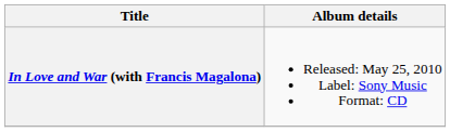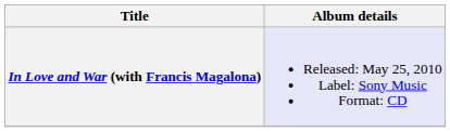 <table class="wikitable plainrowheaders" style="text-align:center;">
 <tr>
 <th scope=col>Title</th>
 <th scope=col>Album details</th>
 </tr>
 <tr>
 <th scope="row" style="text-align:left;"><em><a href='#'>In Love and War</a></em> (with <a href='#'>Francis Magalona</a>)</th>
-<td><br><ul><li>Released: May 25, 2010</li><li>Label: <a href='#'>Sony Music</a></li><li>Format: <a href='#'>CD</a></li></ul></td>
+<td style="background: lavender;"><br><ul><li>Released: May 25, 2010</li><li>Label: <a href='#'>Sony Music</a></li><li>Format: <a href='#'>CD</a></li></ul></td>
 </tr>
 <tr>
 </tr>
 </table>
